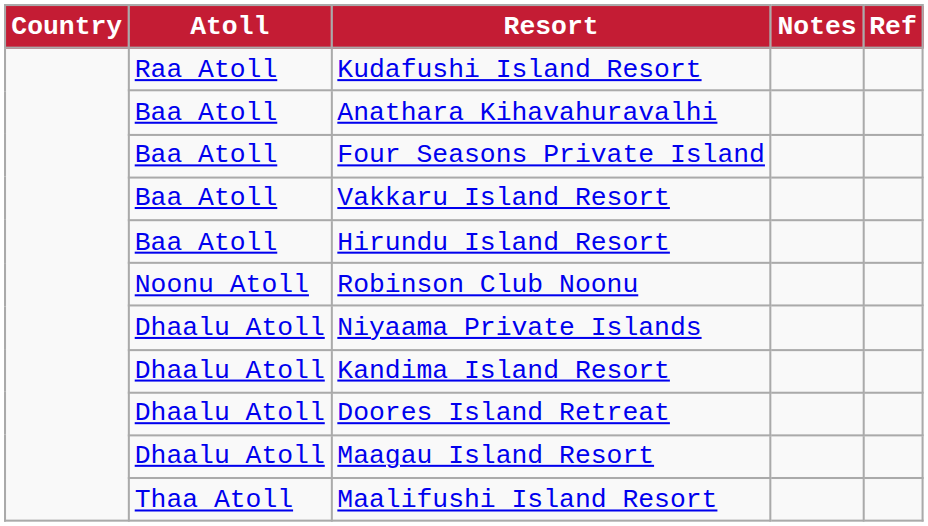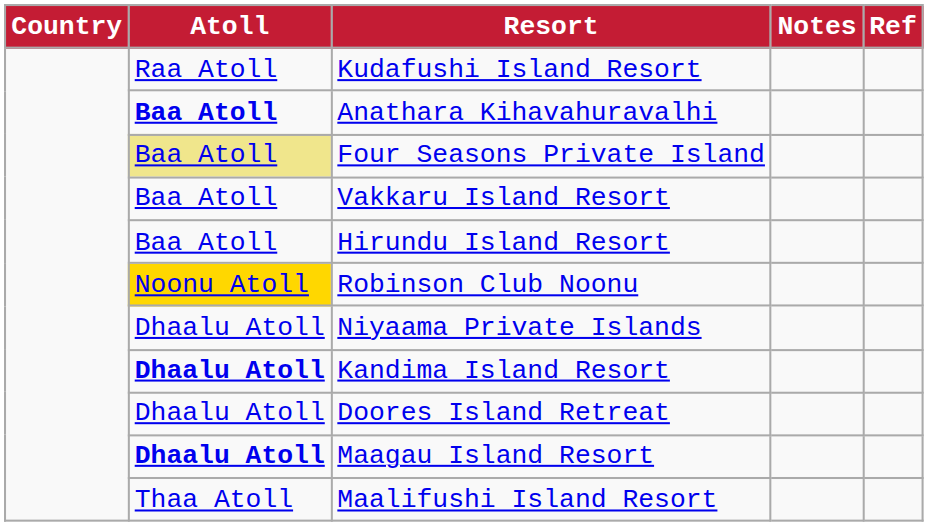 <table class="wikitable sortable mw-collapsible mw-collapsed">
 <tr>
 <th style="background:#c41c34; color:white;">Country</th>
 <th style="background:#c41c34; color:white;">Atoll</th>
 <th style="background:#c41c34; color:white;">Resort</th>
 <th style="background:#c41c34; color:white;">Notes</th>
 <th style="background:#c41c34; color:white;" class="unsortable">Ref</th>
 </tr>
 <tr>
 <td rowspan="11"></td>
 <td><a href='#'>Raa Atoll</a></td>
 <td><a href='#'>Kudafushi Island Resort</a></td>
 <td style="text-align:center"></td>
 <td style="text-align:center"></td>
 </tr>
 <tr>
-<td><a href='#'>Baa Atoll</a></td>
+<td><strong><a href='#'>Baa Atoll</a></strong></td>
 <td><a href='#'>Anathara Kihavahuravalhi</a></td>
 <td style="text-align:center"></td>
 <td style="text-align:center"></td>
 </tr>
 <tr>
-<td><a href='#'>Baa Atoll</a></td>
+<td style="background: khaki;"><a href='#'>Baa Atoll</a></td>
 <td><a href='#'>Four Seasons Private Island</a></td>
 <td style="text-align:center"></td>
 <td style="text-align:center"></td>
 </tr>
 <tr>
 <td><a href='#'>Baa Atoll</a></td>
 <td><a href='#'>Vakkaru Island Resort</a></td>
 <td style="text-align:center"></td>
 <td style="text-align:center"></td>
 </tr>
 <tr>
 <td><a href='#'>Baa Atoll</a></td>
 <td><a href='#'>Hirundu Island Resort</a></td>
 <td style="text-align:center"></td>
 <td style="text-align:center"></td>
 </tr>
 <tr>
-<td><a href='#'>Noonu Atoll</a></td>
+<td style="background: gold;"><a href='#'>Noonu Atoll</a></td>
 <td><a href='#'>Robinson Club Noonu</a></td>
 <td style="text-align:center"></td>
 <td style="text-align:center"></td>
 </tr>
 <tr>
 <td><a href='#'>Dhaalu Atoll</a></td>
 <td><a href='#'>Niyaama Private Islands</a></td>
 <td style="text-align:center"></td>
 <td style="text-align:center"></td>
 </tr>
 <tr>
-<td><a href='#'>Dhaalu Atoll</a></td>
+<td><strong><a href='#'>Dhaalu Atoll</a></strong></td>
 <td><a href='#'>Kandima Island Resort</a></td>
 <td style="text-align:center"></td>
 <td style="text-align:center"></td>
 </tr>
 <tr>
 <td><a href='#'>Dhaalu Atoll</a></td>
 <td><a href='#'>Doores Island Retreat</a></td>
 <td style="text-align:center"></td>
 <td style="text-align:center"></td>
 </tr>
 <tr>
-<td><a href='#'>Dhaalu Atoll</a></td>
+<td><strong><a href='#'>Dhaalu Atoll</a></strong></td>
 <td><a href='#'>Maagau Island Resort</a></td>
 <td style="text-align:center"></td>
 <td style="text-align:center"></td>
 </tr>
 <tr>
 <td><a href='#'>Thaa Atoll</a></td>
 <td><a href='#'>Maalifushi Island Resort</a></td>
 <td style="text-align:center"></td>
 <td style="text-align:center"></td>
 </tr>
 </table>
